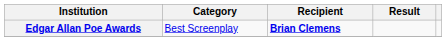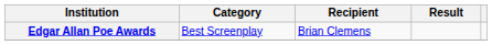 <table class="wikitable unsortable plainrowheaders" style="width:55%;">
 <tr>
 <th style="width:30%;">Institution</th>
 <th style="width:20%;">Category</th>
 <th style="width:20%;">Recipient</th>
 <th style="width:12%;">Result</th>
 <th style="width:1%;"></th>
 </tr>
 <tr>
 <th scope="row" style="text-align:center;"><a href='#'>Edgar Allan Poe Awards</a></th>
 <td><a href='#'>Best Screenplay</a></td>
-<td><strong><a href='#'>Brian Clemens</a></strong></td>
+<td><a href='#'>Brian Clemens</a></td>
 <td></td>
 <td style="text-align:center;"></td>
 </tr>
 <tr>
 </tr>
 </table>
